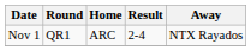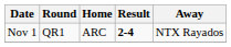 <table class="wikitable">
 <tr>
 <th>Date</th>
 <th>Round</th>
 <th>Home</th>
 <th>Result</th>
 <th>Away</th>
 </tr>
 <tr>
 <td>Nov 1</td>
 <td>QR1</td>
 <td>ARC</td>
-<td>2-4</td>
+<td><strong>2-4</strong></td>
 <td>NTX Rayados</td>
 </tr>
 <tr>
 </tr>
 </table>
